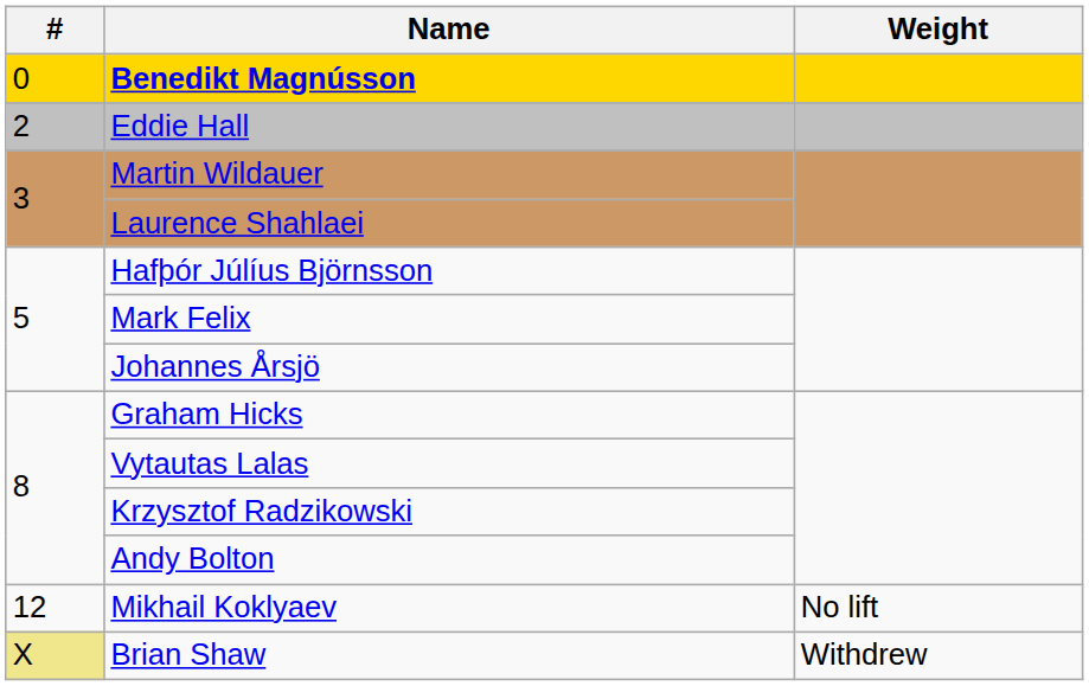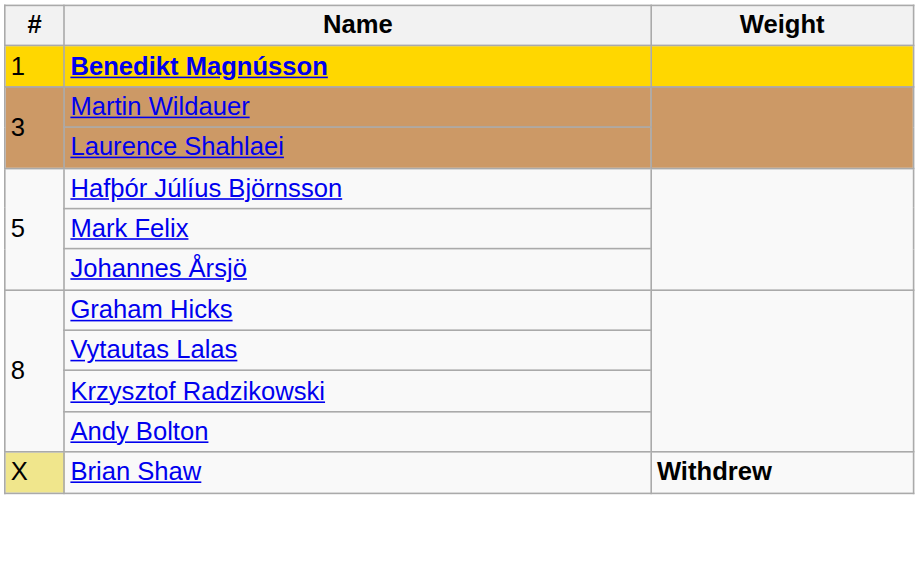 <table class="wikitable" style="display: inline-table;width: 45%;">
 <tr>
 <th>#</th>
 <th>Name</th>
 <th>Weight</th>
 </tr>
 <tr style="background:gold;">
-<td>0</td>
+<td>1</td>
 <td> <strong><a href='#'>Benedikt Magnússon</a></strong></td>
-<td></td>
-</tr>
-<tr style="background:silver;">
-<td>2</td>
-<td> <a href='#'>Eddie Hall</a></td>
 <td></td>
 </tr>
 <tr style="background:#c96;">
 <td rowspan="2">3</td>
 <td> <a href='#'>Martin Wildauer</a></td>
 <td rowspan="2"></td>
 </tr>
 <tr style="background:#c96;">
 <td> <a href='#'>Laurence Shahlaei</a></td>
 </tr>
 <tr>
 <td rowspan="3">5</td>
 <td> <a href='#'>Hafþór Júlíus Björnsson</a></td>
 <td rowspan="3"></td>
 </tr>
 <tr>
 <td> <a href='#'>Mark Felix</a></td>
 </tr>
 <tr>
 <td> <a href='#'>Johannes Årsjö</a></td>
 </tr>
 <tr>
 <td rowspan="4">8</td>
 <td> <a href='#'>Graham Hicks</a></td>
 <td rowspan="4"></td>
 </tr>
 <tr>
 <td> <a href='#'>Vytautas Lalas</a></td>
 </tr>
 <tr>
 <td> <a href='#'>Krzysztof Radzikowski</a></td>
 </tr>
 <tr>
 <td> <a href='#'>Andy Bolton</a></td>
 </tr>
 <tr>
-<td>12</td>
-<td> <a href='#'>Mikhail Koklyaev</a></td>
-<td>No lift</td>
-</tr>
-<tr>
 <td style="background: khaki;">X</td>
 <td> <a href='#'>Brian Shaw</a></td>
-<td>Withdrew</td>
+<td><strong>Withdrew</strong></td>
 </tr>
 </table>
